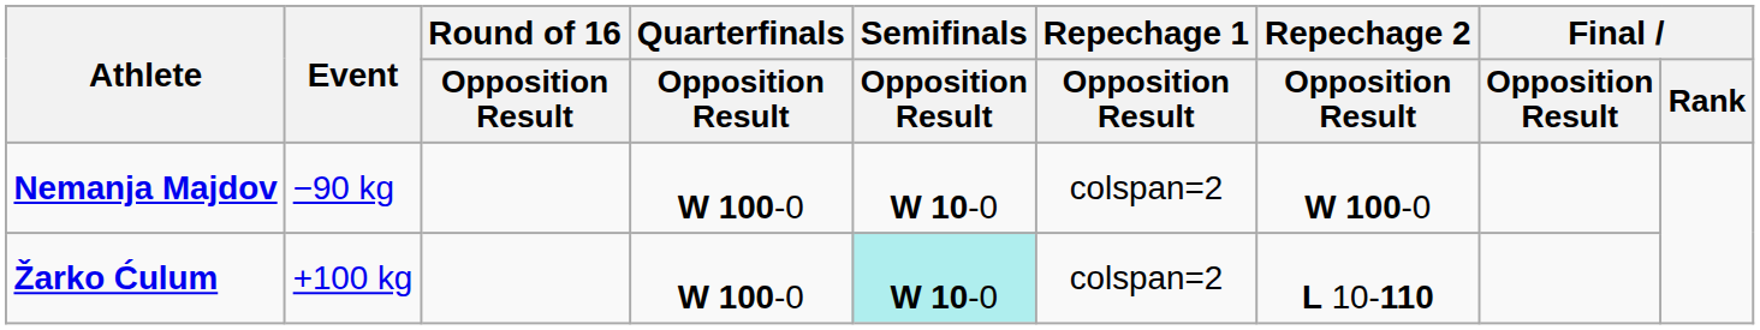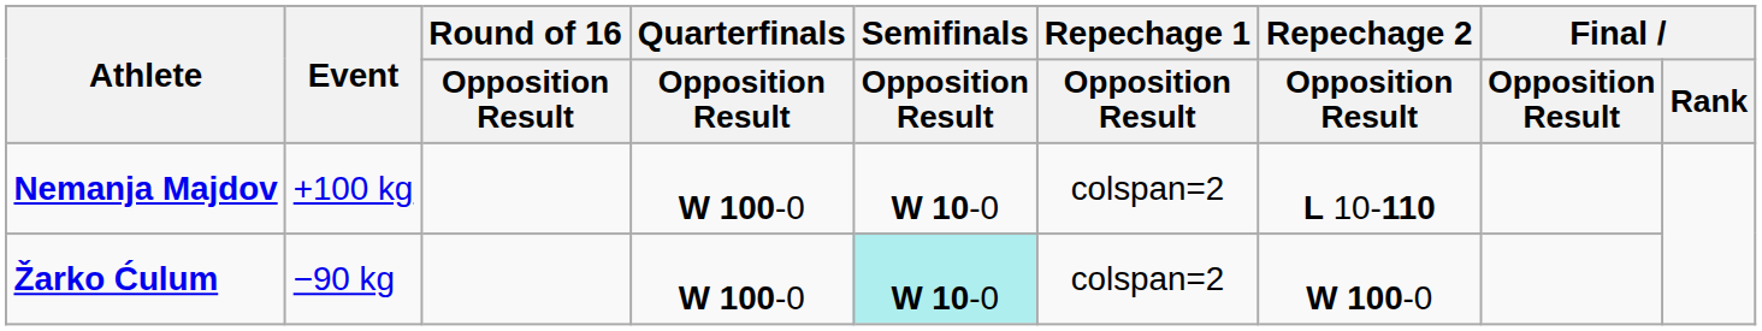 <table class="wikitable" style="font-size:90%">
 <tr>
 <th rowspan="2">Athlete</th>
 <th rowspan="2">Event</th>
 <th>Round of 16</th>
 <th>Quarterfinals</th>
 <th>Semifinals</th>
 <th>Repechage 1</th>
 <th>Repechage 2</th>
 <th colspan=2>Final / </th>
 </tr>
 <tr style="font-size:95%">
 <th>Opposition<br>Result</th>
 <th>Opposition<br>Result</th>
 <th>Opposition<br>Result</th>
 <th>Opposition<br>Result</th>
 <th>Opposition<br>Result</th>
 <th>Opposition<br>Result</th>
 <th>Rank</th>
 </tr>
 <tr align=center>
 <td align=left><strong><a href='#'>Nemanja Majdov</a></strong></td>
-<td align=left><a href='#'>−90 kg</a></td>
+<td align=left><a href='#'>+100 kg</a></td>
 <td></td>
 <td><br><strong>W</strong> <strong>100</strong>-0</td>
 <td><br><strong>W</strong> <strong>10</strong>-0</td>
 <td>colspan=2</td>
-<td><br><strong>W</strong> <strong>100</strong>-0</td>
+<td><br><strong>L</strong> 10-<strong>110</strong></td>
 <td></td>
 </tr>
 <tr align=center>
 <td align=left><strong><a href='#'>Žarko Ćulum</a></strong></td>
-<td align=left><a href='#'>+100 kg</a></td>
+<td align=left><a href='#'>−90 kg</a></td>
 <td></td>
 <td><br><strong>W</strong> <strong>100</strong>-0</td>
 <td style="background: paleturquoise;"><br><strong>W</strong> <strong>10</strong>-0</td>
 <td>colspan=2</td>
-<td><br><strong>L</strong> 10-<strong>110</strong></td>
+<td><br><strong>W</strong> <strong>100</strong>-0</td>
 <td></td>
 </tr>
 </table>
